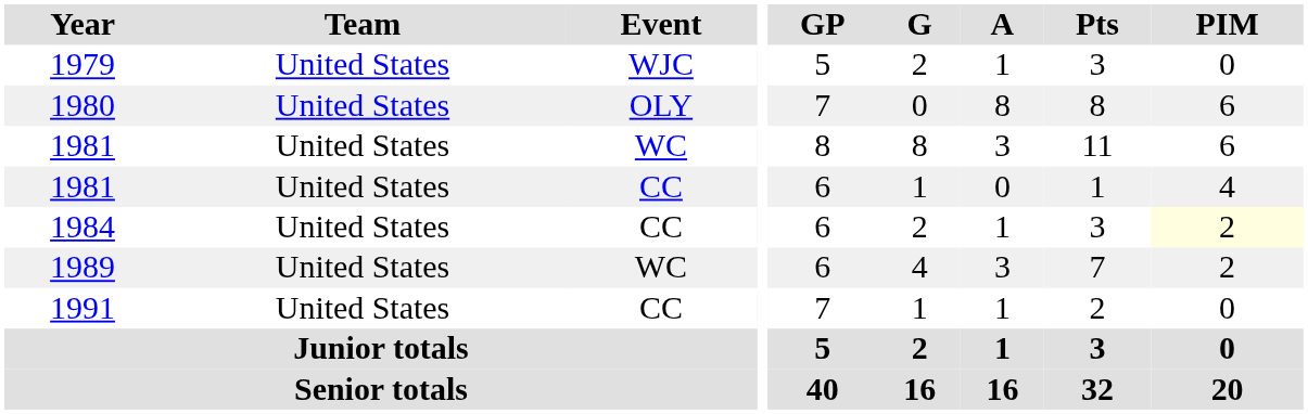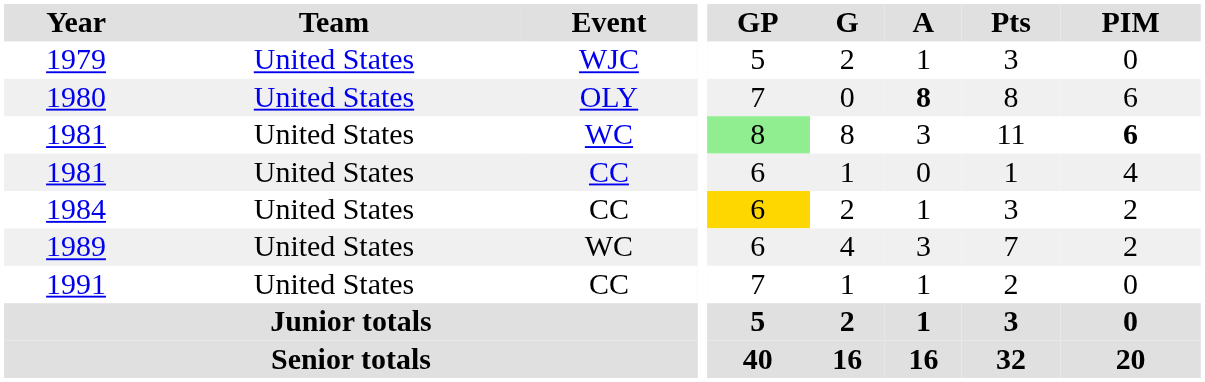 <table border="0" cellpadding="1" cellspacing="0" ID="Table3" style="text-align:center; width:40em">
 <tr bgcolor="#e0e0e0">
 <th>Year</th>
 <th>Team</th>
 <th>Event</th>
 <th rowspan="102" bgcolor="#ffffff"></th>
 <th>GP</th>
 <th>G</th>
 <th>A</th>
 <th>Pts</th>
 <th>PIM</th>
 </tr>
 <tr>
 <td><a href='#'>1979</a></td>
 <td><a href='#'>United States</a></td>
 <td><a href='#'>WJC</a></td>
 <td>5</td>
 <td>2</td>
 <td>1</td>
 <td>3</td>
 <td>0</td>
 </tr>
 <tr bgcolor="#f0f0f0">
 <td><a href='#'>1980</a></td>
 <td><a href='#'>United States</a></td>
 <td><a href='#'>OLY</a></td>
 <td>7</td>
 <td>0</td>
-<td>8</td>
+<td><strong>8</strong></td>
 <td>8</td>
 <td>6</td>
 </tr>
 <tr>
 <td><a href='#'>1981</a></td>
 <td>United States</td>
 <td><a href='#'>WC</a></td>
-<td>8</td>
+<td style="background: lightgreen;">8</td>
 <td>8</td>
 <td>3</td>
 <td>11</td>
-<td>6</td>
+<td><strong>6</strong></td>
 </tr>
 <tr bgcolor="#f0f0f0">
 <td><a href='#'>1981</a></td>
 <td>United States</td>
 <td><a href='#'>CC</a></td>
 <td>6</td>
 <td>1</td>
 <td>0</td>
 <td>1</td>
 <td>4</td>
 </tr>
 <tr>
 <td><a href='#'>1984</a></td>
 <td>United States</td>
 <td>CC</td>
-<td>6</td>
+<td style="background: gold;">6</td>
 <td>2</td>
 <td>1</td>
 <td>3</td>
-<td style="background: lightyellow;">2</td>
+<td>2</td>
 </tr>
 <tr bgcolor="#f0f0f0">
 <td><a href='#'>1989</a></td>
 <td>United States</td>
 <td>WC</td>
 <td>6</td>
 <td>4</td>
 <td>3</td>
 <td>7</td>
 <td>2</td>
 </tr>
 <tr>
 <td><a href='#'>1991</a></td>
 <td>United States</td>
 <td>CC</td>
 <td>7</td>
 <td>1</td>
 <td>1</td>
 <td>2</td>
 <td>0</td>
 </tr>
 <tr bgcolor="#e0e0e0">
 <th colspan=3>Junior totals</th>
 <th>5</th>
 <th>2</th>
 <th>1</th>
 <th>3</th>
 <th>0</th>
 </tr>
 <tr bgcolor="#e0e0e0">
 <th colspan=3>Senior totals</th>
 <th>40</th>
 <th>16</th>
 <th>16</th>
 <th>32</th>
 <th>20</th>
 </tr>
 </table>
